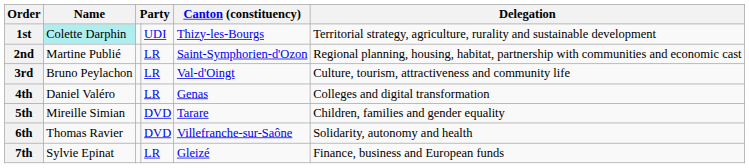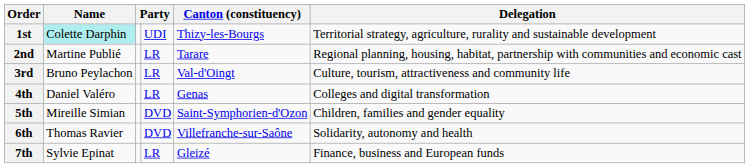 <table class="wikitable sortable">
 <tr>
 <th>Order</th>
 <th>Name</th>
 <th colspan="2">Party</th>
 <th><a href='#'>Canton</a> (constituency)</th>
 <th>Delegation</th>
 </tr>
 <tr>
 <th>1st</th>
 <td style="background: paleturquoise;">Colette Darphin</td>
 <td style="color:inherit;background:"></td>
 <td><a href='#'>UDI</a></td>
 <td><a href='#'>Thizy-les-Bourgs</a></td>
 <td>Territorial strategy, agriculture, rurality and sustainable development</td>
 </tr>
 <tr>
 <th>2nd</th>
 <td>Martine Publié</td>
 <td style="color:inherit;background:"></td>
 <td><a href='#'>LR</a></td>
-<td><a href='#'>Saint-Symphorien-d'Ozon</a></td>
+<td><a href='#'>Tarare</a></td>
 <td>Regional planning, housing, habitat, partnership with communities and economic cast</td>
 </tr>
 <tr>
 <th>3rd</th>
 <td>Bruno Peylachon</td>
 <td style="color:inherit;background:"></td>
 <td><a href='#'>LR</a></td>
 <td><a href='#'>Val-d'Oingt</a></td>
 <td>Culture, tourism, attractiveness and community life</td>
 </tr>
 <tr>
 <th>4th</th>
 <td>Daniel Valéro</td>
 <td style="color:inherit;background:"></td>
 <td><a href='#'>LR</a></td>
 <td><a href='#'>Genas</a></td>
 <td>Colleges and digital transformation</td>
 </tr>
 <tr>
 <th>5th</th>
 <td>Mireille Simian</td>
 <td style="color:inherit;background:"></td>
 <td><a href='#'>DVD</a></td>
-<td><a href='#'>Tarare</a></td>
+<td><a href='#'>Saint-Symphorien-d'Ozon</a></td>
 <td>Children, families and gender equality</td>
 </tr>
 <tr>
 <th>6th</th>
 <td>Thomas Ravier</td>
 <td style="color:inherit;background:"></td>
 <td><a href='#'>DVD</a></td>
 <td><a href='#'>Villefranche-sur-Saône</a></td>
 <td>Solidarity, autonomy and health</td>
 </tr>
 <tr>
 <th>7th</th>
 <td>Sylvie Epinat</td>
 <td style="color:inherit;background:"></td>
 <td><a href='#'>LR</a></td>
 <td><a href='#'>Gleizé</a></td>
 <td>Finance, business and European funds</td>
 </tr>
 </table>
